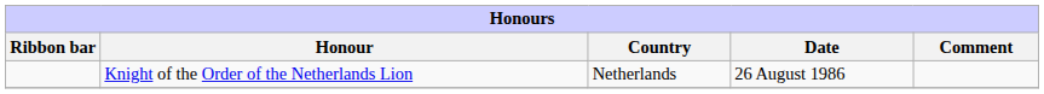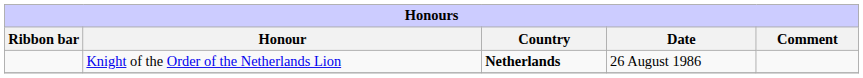 <table class="wikitable" style="width:60%;">
 <tr style="background:#ccf; text-align:center;">
 <td colspan=5><strong>Honours</strong></td>
 </tr>
 <tr>
 <th style="width:80px;">Ribbon bar</th>
 <th>Honour</th>
 <th>Country</th>
 <th>Date</th>
 <th>Comment</th>
 </tr>
 <tr>
 <td></td>
 <td><a href='#'>Knight</a> of the <a href='#'>Order of the Netherlands Lion</a></td>
-<td>Netherlands</td>
+<td><strong>Netherlands</strong></td>
 <td>26 August 1986</td>
 <td></td>
 </tr>
 <tr>
 </tr>
 </table>
